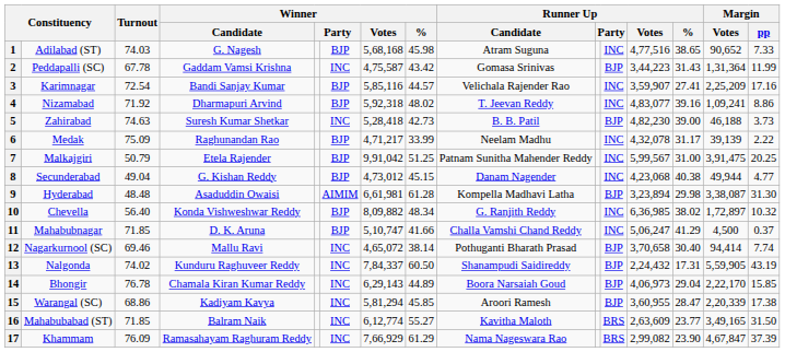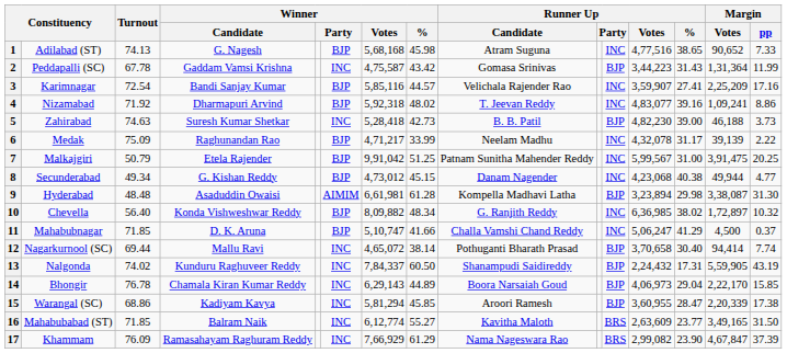 <table class="wikitable sortable" style="text-align:center;">
 <tr>
 <th colspan="2" rowspan="2">Constituency</th>
 <th rowspan="2">Turnout</th>
 <th colspan="5">Winner</th>
 <th colspan="5">Runner Up</th>
 <th colspan="2">Margin</th>
 </tr>
 <tr>
 <th>Candidate</th>
 <th colspan="2">Party</th>
 <th>Votes</th>
 <th>%</th>
 <th>Candidate</th>
 <th colspan="2">Party</th>
 <th>Votes</th>
 <th>%</th>
 <th>Votes</th>
 <th><a href='#'>pp</a></th>
 </tr>
 <tr>
 <th>1</th>
 <td><a href='#'>Adilabad</a> (ST)</td>
-<td>74.03</td>
+<td>74.13</td>
 <td><a href='#'>G. Nagesh</a></td>
 <td></td>
 <td><a href='#'>BJP</a></td>
 <td>5,68,168</td>
 <td>45.98</td>
 <td>Atram Suguna</td>
 <td></td>
 <td><a href='#'>INC</a></td>
 <td>4,77,516</td>
 <td>38.65</td>
 <td style="background:">90,652</td>
 <td style="background:">7.33</td>
 </tr>
 <tr>
 <th>2</th>
 <td><a href='#'>Peddapalli</a> (SC)</td>
 <td>67.78</td>
 <td><a href='#'>Gaddam Vamsi Krishna</a></td>
 <td></td>
 <td><a href='#'>INC</a></td>
 <td>4,75,587</td>
 <td>43.42</td>
 <td>Gomasa Srinivas</td>
 <td></td>
 <td><a href='#'>BJP</a></td>
 <td>3,44,223</td>
 <td>31.43</td>
 <td style="background:">1,31,364</td>
 <td style="background:">11.99</td>
 </tr>
 <tr>
 <th>3</th>
 <td><a href='#'>Karimnagar</a></td>
 <td>72.54</td>
 <td><a href='#'>Bandi Sanjay Kumar</a></td>
 <td></td>
 <td><a href='#'>BJP</a></td>
 <td>5,85,116</td>
 <td>44.57</td>
 <td>Velichala Rajender Rao</td>
 <td></td>
 <td><a href='#'>INC</a></td>
 <td>3,59,907</td>
 <td>27.41</td>
 <td style="background:">2,25,209</td>
 <td style="background:">17.16</td>
 </tr>
 <tr>
 <th>4</th>
 <td><a href='#'>Nizamabad</a></td>
 <td>71.92</td>
 <td><a href='#'>Dharmapuri Arvind</a></td>
 <td></td>
 <td><a href='#'>BJP</a></td>
 <td>5,92,318</td>
 <td>48.02</td>
 <td><a href='#'>T. Jeevan Reddy</a></td>
 <td></td>
 <td><a href='#'>INC</a></td>
 <td>4,83,077</td>
 <td>39.16</td>
 <td style="background:">1,09,241</td>
 <td style="background:">8.86</td>
 </tr>
 <tr>
 <th>5</th>
 <td><a href='#'>Zahirabad</a></td>
 <td>74.63</td>
 <td><a href='#'>Suresh Kumar Shetkar</a></td>
 <td></td>
 <td><a href='#'>INC</a></td>
 <td>5,28,418</td>
 <td>42.73</td>
 <td><a href='#'>B. B. Patil</a></td>
 <td></td>
 <td><a href='#'>BJP</a></td>
 <td>4,82,230</td>
 <td>39.00</td>
 <td style="background:">46,188</td>
 <td style="background:">3.73</td>
 </tr>
 <tr>
 <th>6</th>
 <td><a href='#'>Medak</a></td>
 <td>75.09</td>
 <td><a href='#'>Raghunandan Rao</a></td>
 <td></td>
 <td><a href='#'>BJP</a></td>
 <td>4,71,217</td>
 <td>33.99</td>
 <td>Neelam Madhu</td>
 <td></td>
 <td><a href='#'>INC</a></td>
 <td>4,32,078</td>
 <td>31.17</td>
 <td style="background:">39,139</td>
 <td style="background:">2.22</td>
 </tr>
 <tr>
 <th>7</th>
 <td><a href='#'>Malkajgiri</a></td>
 <td>50.79</td>
 <td><a href='#'>Etela Rajender</a></td>
 <td></td>
 <td><a href='#'>BJP</a></td>
 <td>9,91,042</td>
 <td>51.25</td>
 <td>Patnam Sunitha Mahender Reddy</td>
 <td></td>
 <td><a href='#'>INC</a></td>
 <td>5,99,567</td>
 <td>31.00</td>
 <td style="background:">3,91,475</td>
 <td style="background:">20.25</td>
 </tr>
 <tr>
 <th>8</th>
 <td><a href='#'>Secunderabad</a></td>
-<td>49.04</td>
+<td>49.34</td>
 <td><a href='#'>G. Kishan Reddy</a></td>
 <td></td>
 <td><a href='#'>BJP</a></td>
 <td>4,73,012</td>
 <td>45.15</td>
 <td><a href='#'>Danam Nagender</a></td>
 <td></td>
 <td><a href='#'>INC</a></td>
 <td>4,23,068</td>
 <td>40.38</td>
 <td style="background:">49,944</td>
 <td style="background:">4.77</td>
 </tr>
 <tr>
 <th>9</th>
 <td><a href='#'>Hyderabad</a></td>
 <td>48.48</td>
 <td><a href='#'>Asaduddin Owaisi</a></td>
 <td></td>
 <td><a href='#'>AIMIM</a></td>
 <td>6,61,981</td>
 <td>61.28</td>
 <td>Kompella Madhavi Latha</td>
 <td></td>
 <td><a href='#'>BJP</a></td>
 <td>3,23,894</td>
 <td>29.98</td>
 <td style="background:">3,38,087</td>
 <td style="background:">31.30</td>
 </tr>
 <tr>
 <th>10</th>
 <td><a href='#'>Chevella</a></td>
 <td>56.40</td>
 <td><a href='#'>Konda Vishweshwar Reddy</a></td>
 <td></td>
 <td><a href='#'>BJP</a></td>
 <td>8,09,882</td>
 <td>48.34</td>
 <td><a href='#'>G. Ranjith Reddy</a></td>
 <td></td>
 <td><a href='#'>INC</a></td>
 <td>6,36,985</td>
 <td>38.02</td>
 <td style="background:">1,72,897</td>
 <td style="background:">10.32</td>
 </tr>
 <tr>
 <th>11</th>
 <td><a href='#'>Mahabubnagar</a></td>
 <td>71.85</td>
 <td><a href='#'>D. K. Aruna</a></td>
 <td></td>
 <td><a href='#'>BJP</a></td>
 <td>5,10,747</td>
 <td>41.66</td>
 <td><a href='#'>Challa Vamshi Chand Reddy</a></td>
 <td></td>
 <td><a href='#'>INC</a></td>
 <td>5,06,247</td>
 <td>41.29</td>
 <td style="background:">4,500</td>
 <td style="background:">0.37</td>
 </tr>
 <tr>
 <th>12</th>
 <td><a href='#'>Nagarkurnool</a> (SC)</td>
-<td>69.46</td>
+<td>69.44</td>
 <td><a href='#'>Mallu Ravi</a></td>
 <td></td>
 <td><a href='#'>INC</a></td>
 <td>4,65,072</td>
 <td>38.14</td>
 <td>Pothuganti Bharath Prasad</td>
 <td></td>
 <td><a href='#'>BJP</a></td>
 <td>3,70,658</td>
 <td>30.40</td>
 <td style="background:">94,414</td>
 <td style="background:">7.74</td>
 </tr>
 <tr>
 <th>13</th>
 <td><a href='#'>Nalgonda</a></td>
 <td>74.02</td>
 <td><a href='#'>Kunduru Raghuveer Reddy</a></td>
 <td></td>
 <td><a href='#'>INC</a></td>
 <td>7,84,337</td>
 <td>60.50</td>
 <td><a href='#'>Shanampudi Saidireddy</a></td>
 <td></td>
 <td><a href='#'>BJP</a></td>
 <td>2,24,432</td>
 <td>17.31</td>
 <td style="background:">5,59,905</td>
 <td style="background:">43.19</td>
 </tr>
 <tr>
 <th>14</th>
 <td><a href='#'>Bhongir</a></td>
 <td>76.78</td>
 <td><a href='#'>Chamala Kiran Kumar Reddy</a></td>
 <td></td>
 <td><a href='#'>INC</a></td>
 <td>6,29,143</td>
 <td>44.89</td>
 <td><a href='#'>Boora Narsaiah Goud</a></td>
 <td></td>
 <td><a href='#'>BJP</a></td>
 <td>4,06,973</td>
 <td>29.04</td>
 <td style="background:">2,22,170</td>
 <td style="background:">15.85</td>
 </tr>
 <tr>
 <th>15</th>
 <td><a href='#'>Warangal</a> (SC)</td>
 <td>68.86</td>
 <td><a href='#'>Kadiyam Kavya</a></td>
 <td></td>
 <td><a href='#'>INC</a></td>
 <td>5,81,294</td>
 <td>45.85</td>
 <td>Aroori Ramesh</td>
 <td></td>
 <td><a href='#'>BJP</a></td>
 <td>3,60,955</td>
 <td>28.47</td>
 <td style="background:">2,20,339</td>
 <td style="background:">17.38</td>
 </tr>
 <tr>
 <th>16</th>
 <td><a href='#'>Mahabubabad</a> (ST)</td>
 <td>71.85</td>
 <td><a href='#'>Balram Naik</a></td>
 <td></td>
 <td><a href='#'>INC</a></td>
 <td>6,12,774</td>
 <td>55.27</td>
 <td><a href='#'>Kavitha Maloth</a></td>
 <td></td>
 <td><a href='#'>BRS</a></td>
 <td>2,63,609</td>
 <td>23.77</td>
 <td style="background:">3,49,165</td>
 <td style="background:">31.50</td>
 </tr>
 <tr>
 <th>17</th>
 <td><a href='#'>Khammam</a></td>
 <td>76.09</td>
 <td><a href='#'>Ramasahayam Raghuram Reddy</a></td>
 <td></td>
 <td><a href='#'>INC</a></td>
 <td>7,66,929</td>
 <td>61.29</td>
 <td><a href='#'>Nama Nageswara Rao</a></td>
 <td></td>
 <td><a href='#'>BRS</a></td>
 <td>2,99,082</td>
 <td>23.90</td>
 <td style="background:">4,67,847</td>
 <td style="background:">37.39</td>
 </tr>
 </table>
